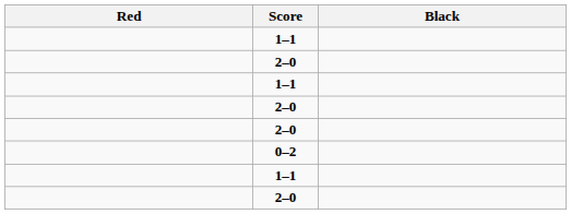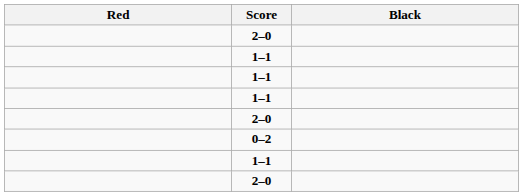 <table class="wikitable" style="text-align: center;">
 <tr>
 <th align="right" width="270">Red</th>
 <th width="65">Score</th>
 <th align="left" width="270">Black</th>
 </tr>
 <tr>
 <td align=left></td>
-<td align=center><strong>1–1</strong></td>
+<td align=center><strong>2–0</strong></td>
 <td align=left></td>
 </tr>
 <tr>
 <td align=left><strong></strong></td>
-<td align=center><strong>2–0</strong></td>
+<td align=center><strong>1–1</strong></td>
 <td align=left></td>
 </tr>
 <tr>
 <td align=left></td>
 <td align=center><strong>1–1</strong></td>
 <td align=left></td>
 </tr>
 <tr>
 <td align=left></td>
-<td align=center><strong>2–0</strong></td>
+<td align=center><strong>1–1</strong></td>
 <td align=left></td>
 </tr>
 <tr>
 <td align=left></td>
 <td align=center><strong>2–0</strong></td>
 <td align=left><strong></strong></td>
 </tr>
 <tr>
 <td align=left></td>
 <td align=center><strong>0–2</strong></td>
 <td align=left><strong></strong></td>
 </tr>
 <tr>
 <td align=left></td>
 <td align=center><strong>1–1</strong></td>
 <td align=left></td>
 </tr>
 <tr>
 <td align=left><strong></strong></td>
 <td align=center><strong>2–0</strong></td>
 <td align=left></td>
 </tr>
 </table>
